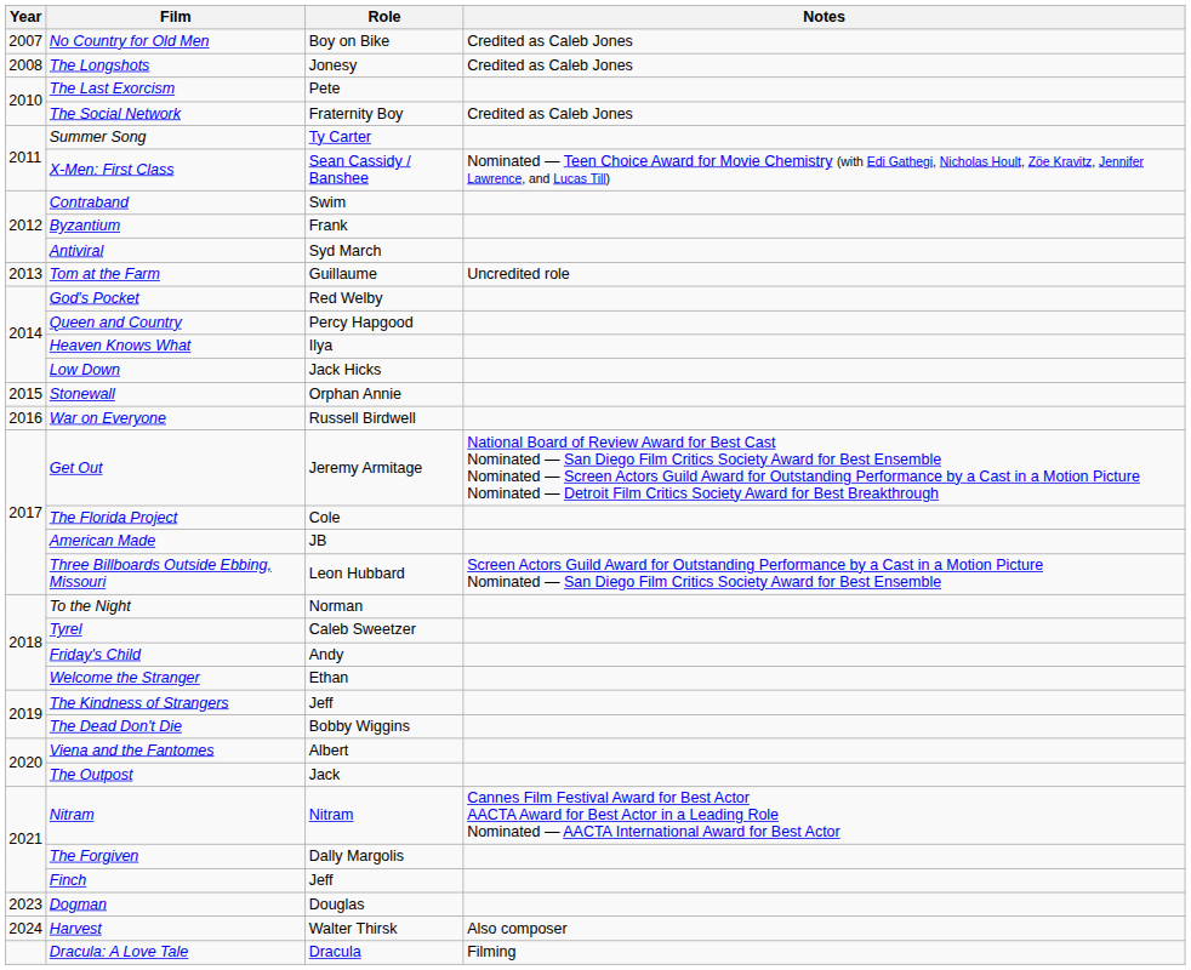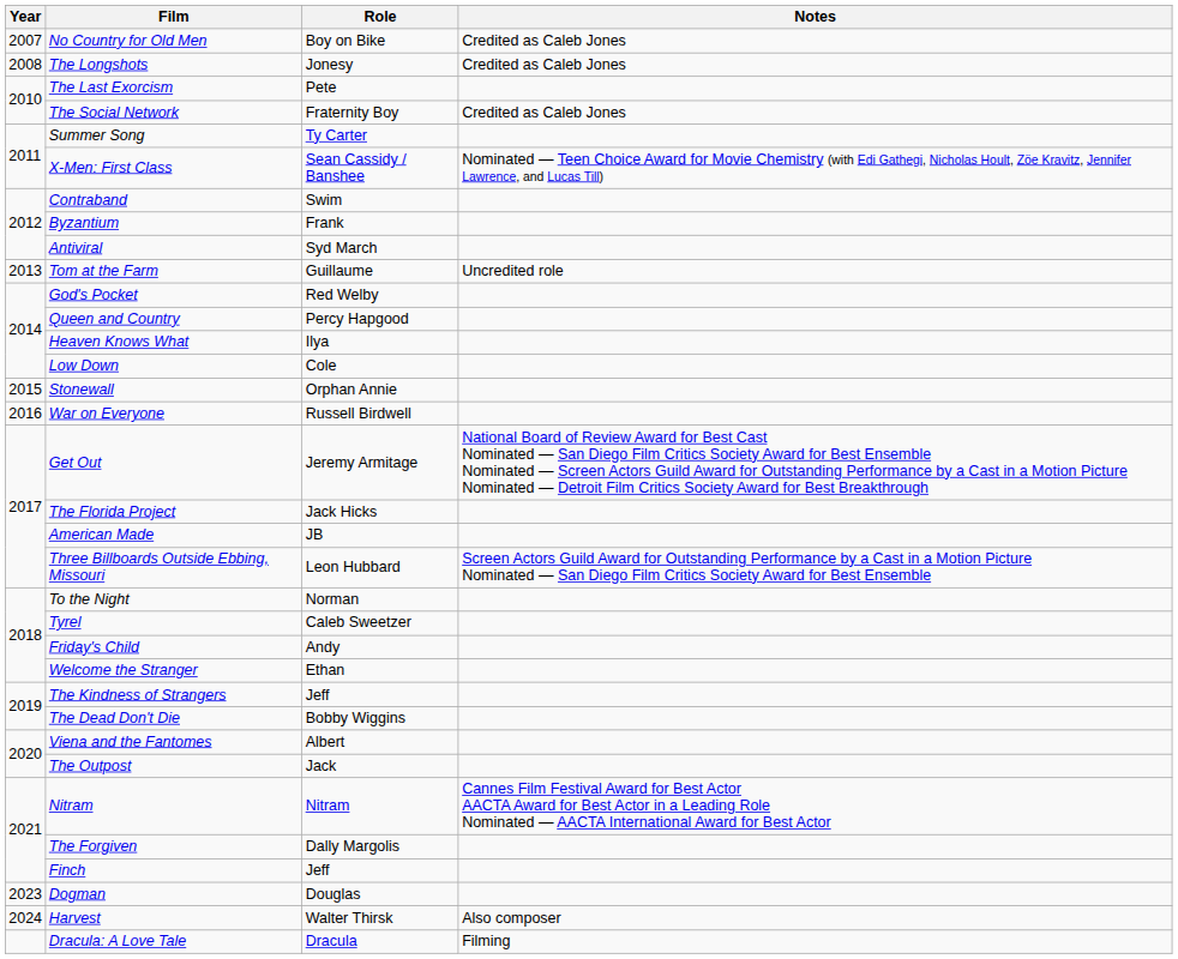 <table class="wikitable">
 <tr>
 <th>Year</th>
 <th>Film</th>
 <th>Role</th>
 <th>Notes</th>
 </tr>
 <tr>
 <td>2007</td>
 <td><em><a href='#'>No Country for Old Men</a></em></td>
 <td>Boy on Bike</td>
 <td>Credited as Caleb Jones</td>
 </tr>
 <tr>
 <td>2008</td>
 <td><em><a href='#'>The Longshots</a></em></td>
 <td>Jonesy</td>
 <td>Credited as Caleb Jones</td>
 </tr>
 <tr>
 <td rowspan="2">2010</td>
 <td><em><a href='#'>The Last Exorcism</a></em></td>
 <td>Pete</td>
 <td></td>
 </tr>
 <tr>
 <td><em><a href='#'>The Social Network</a></em></td>
 <td>Fraternity Boy</td>
 <td>Credited as Caleb Jones</td>
 </tr>
 <tr>
 <td rowspan="2">2011</td>
 <td><em>Summer Song</em></td>
 <td><a href='#'>Ty Carter</a></td>
 <td></td>
 </tr>
 <tr>
 <td><em><a href='#'>X-Men: First Class</a></em></td>
 <td><a href='#'>Sean Cassidy / Banshee</a></td>
 <td>Nominated — <a href='#'>Teen Choice Award for Movie Chemistry</a> <small>(with <a href='#'>Edi Gathegi</a>, <a href='#'>Nicholas Hoult</a>, <a href='#'>Zöe Kravitz</a>, <a href='#'>Jennifer Lawrence</a>, and <a href='#'>Lucas Till</a>)</small></td>
 </tr>
 <tr>
 <td rowspan="3">2012</td>
 <td><em><a href='#'>Contraband</a></em></td>
 <td>Swim</td>
 <td></td>
 </tr>
 <tr>
 <td><em><a href='#'>Byzantium</a></em></td>
 <td>Frank</td>
 <td></td>
 </tr>
 <tr>
 <td><em><a href='#'>Antiviral</a></em></td>
 <td>Syd March</td>
 <td></td>
 </tr>
 <tr>
 <td style="text-align:center;">2013</td>
 <td><em><a href='#'>Tom at the Farm</a></em></td>
 <td>Guillaume</td>
 <td>Uncredited role</td>
 </tr>
 <tr>
 <td rowspan="4">2014</td>
 <td><em><a href='#'>God's Pocket</a></em></td>
 <td>Red Welby</td>
 <td></td>
 </tr>
 <tr>
 <td><em><a href='#'>Queen and Country</a></em></td>
 <td>Percy Hapgood</td>
 <td></td>
 </tr>
 <tr>
 <td><em><a href='#'>Heaven Knows What</a></em></td>
 <td>Ilya</td>
 <td></td>
 </tr>
 <tr>
 <td><em><a href='#'>Low Down</a></em></td>
-<td>Jack Hicks</td>
+<td>Cole</td>
 <td></td>
 </tr>
 <tr>
 <td style="text-align:center;">2015</td>
 <td><em><a href='#'>Stonewall</a></em></td>
 <td>Orphan Annie</td>
 <td></td>
 </tr>
 <tr>
 <td style="text-align:center;">2016</td>
 <td><em><a href='#'>War on Everyone</a></em></td>
 <td>Russell Birdwell</td>
 <td></td>
 </tr>
 <tr>
 <td rowspan="4">2017</td>
 <td><em><a href='#'>Get Out</a></em></td>
 <td>Jeremy Armitage</td>
 <td><a href='#'>National Board of Review Award for Best Cast</a><br>Nominated — <a href='#'>San Diego Film Critics Society Award for Best Ensemble</a><br>Nominated — <a href='#'>Screen Actors Guild Award for Outstanding Performance by a Cast in a Motion Picture</a><br>Nominated — <a href='#'>Detroit Film Critics Society Award for Best Breakthrough</a> </td>
 </tr>
 <tr>
 <td><em><a href='#'>The Florida Project</a></em></td>
-<td>Cole</td>
+<td>Jack Hicks</td>
 <td></td>
 </tr>
 <tr>
 <td><em><a href='#'>American Made</a></em></td>
 <td>JB</td>
 <td></td>
 </tr>
 <tr>
 <td><em><a href='#'>Three Billboards Outside Ebbing, Missouri</a></em></td>
 <td>Leon Hubbard</td>
 <td><a href='#'>Screen Actors Guild Award for Outstanding Performance by a Cast in a Motion Picture</a><br>Nominated — <a href='#'>San Diego Film Critics Society Award for Best Ensemble</a></td>
 </tr>
 <tr>
 <td rowspan="4">2018</td>
 <td><em>To the Night</em></td>
 <td>Norman</td>
 <td></td>
 </tr>
 <tr>
 <td><em><a href='#'>Tyrel</a></em></td>
 <td>Caleb Sweetzer</td>
 <td></td>
 </tr>
 <tr>
 <td><em><a href='#'>Friday's Child</a></em></td>
 <td>Andy</td>
 <td></td>
 </tr>
 <tr>
 <td><em><a href='#'>Welcome the Stranger</a></em></td>
 <td>Ethan</td>
 <td></td>
 </tr>
 <tr>
 <td rowspan="2">2019</td>
 <td><em><a href='#'>The Kindness of Strangers</a></em></td>
 <td>Jeff</td>
 <td></td>
 </tr>
 <tr>
 <td><em><a href='#'>The Dead Don't Die</a></em></td>
 <td>Bobby Wiggins</td>
 <td></td>
 </tr>
 <tr>
 <td rowspan="2">2020</td>
 <td><em><a href='#'>Viena and the Fantomes</a></em></td>
 <td>Albert</td>
 <td></td>
 </tr>
 <tr>
 <td><em><a href='#'>The Outpost</a></em></td>
 <td>Jack</td>
 <td></td>
 </tr>
 <tr>
 <td rowspan="3">2021</td>
 <td><em><a href='#'>Nitram</a></em></td>
 <td><a href='#'>Nitram</a></td>
 <td><a href='#'>Cannes Film Festival Award for Best Actor</a><br><a href='#'>AACTA Award for Best Actor in a Leading Role</a><br>Nominated — <a href='#'>AACTA International Award for Best Actor</a></td>
 </tr>
 <tr>
 <td><em><a href='#'>The Forgiven</a></em></td>
 <td>Dally Margolis</td>
 <td></td>
 </tr>
 <tr>
 <td><em><a href='#'>Finch</a></em></td>
 <td>Jeff</td>
 <td></td>
 </tr>
 <tr>
 <td>2023</td>
 <td><em><a href='#'>Dogman</a></em></td>
 <td>Douglas</td>
 <td></td>
 </tr>
 <tr>
 <td>2024</td>
 <td><em><a href='#'>Harvest</a></em></td>
 <td>Walter Thirsk</td>
 <td>Also composer</td>
 </tr>
 <tr>
 <td></td>
 <td><em><a href='#'>Dracula: A Love Tale</a></em></td>
 <td><a href='#'>Dracula</a></td>
 <td>Filming</td>
 </tr>
 </table>
